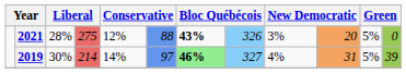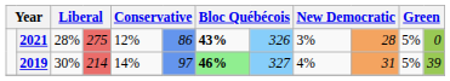 <table class="wikitable" style="float:right; width:400; font-size:90%; margin-left:1em;">
 <tr>
 <th colspan="2" scope="col">Year</th>
 <th colspan="2" scope="col"><a href='#'>Liberal</a></th>
 <th colspan="2" scope="col"><a href='#'>Conservative</a></th>
 <th colspan="2" scope="col"><a href='#'>Bloc Québécois</a></th>
 <th colspan="2" scope="col"><a href='#'>New Democratic</a></th>
 <th colspan="2" scope="col"><a href='#'>Green</a></th>
 </tr>
 <tr>
 <td rowspan="2" style="width: 0.25em; background-color: "></td>
 <th><a href='#'>2021</a></th>
 <td>28%</td>
 <td style="text-align:right; background:#EA6D6A;"><em>275</em></td>
 <td>12%</td>
-<td style="text-align:right; background:#6495ED;"><em>88</em></td>
+<td style="text-align:right; background:#6495ED;"><em>86</em></td>
 <td><strong>43%</strong></td>
 <td style="text-align:right; background:#87CEFA;"><em>326</em></td>
 <td>3%</td>
-<td style="text-align:right; background:#F4A460;"><em>20</em></td>
+<td style="text-align:right; background:#F4A460;"><em>28</em></td>
 <td>5%</td>
 <td style="text-align:right; background:#99C955;"><em>0</em></td>
 </tr>
 <tr>
 <th><a href='#'>2019</a></th>
 <td>30%</td>
 <td style="text-align:right; background:#EA6D6A;"><em>214</em></td>
 <td>14%</td>
 <td style="text-align:right; background:#6495ED;"><em>97</em></td>
 <td style="background: lightgreen;"><strong>46%</strong></td>
 <td style="text-align:right; background:#87CEFA;"><em>327</em></td>
 <td>4%</td>
 <td style="text-align:right; background:#F4A460;"><em>31</em></td>
 <td>5%</td>
 <td style="text-align:right; background:#99C955;"><em>39</em></td>
 </tr>
 <tr>
 </tr>
 </table>
